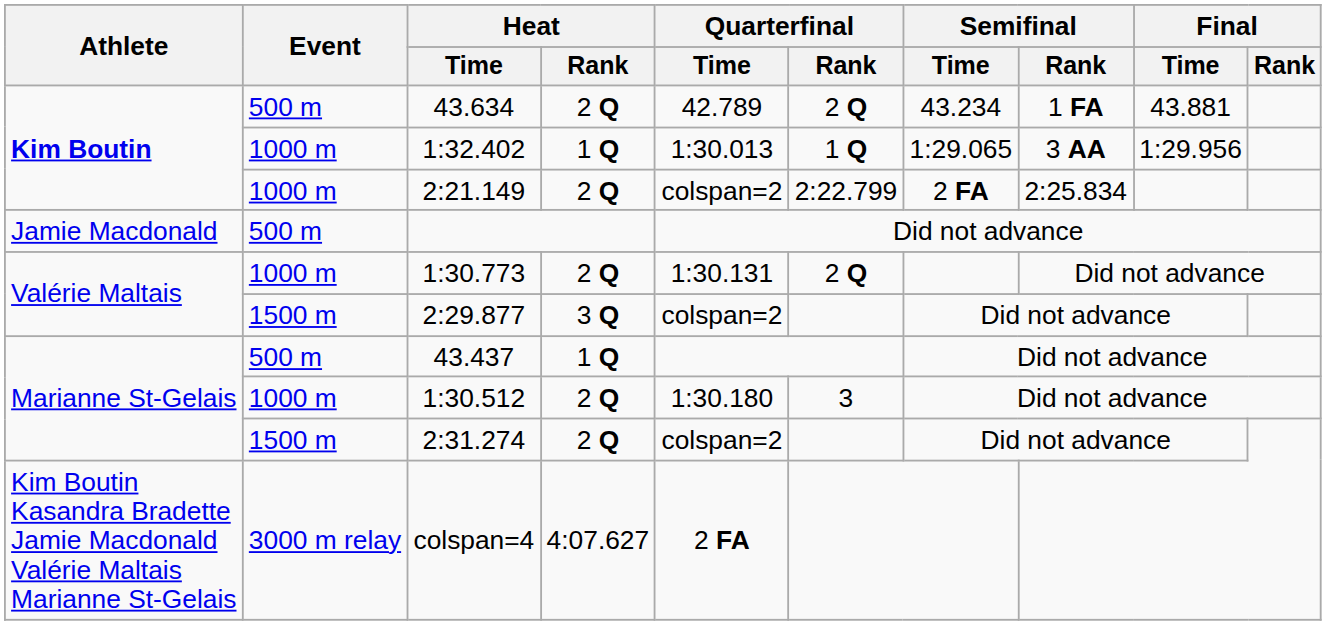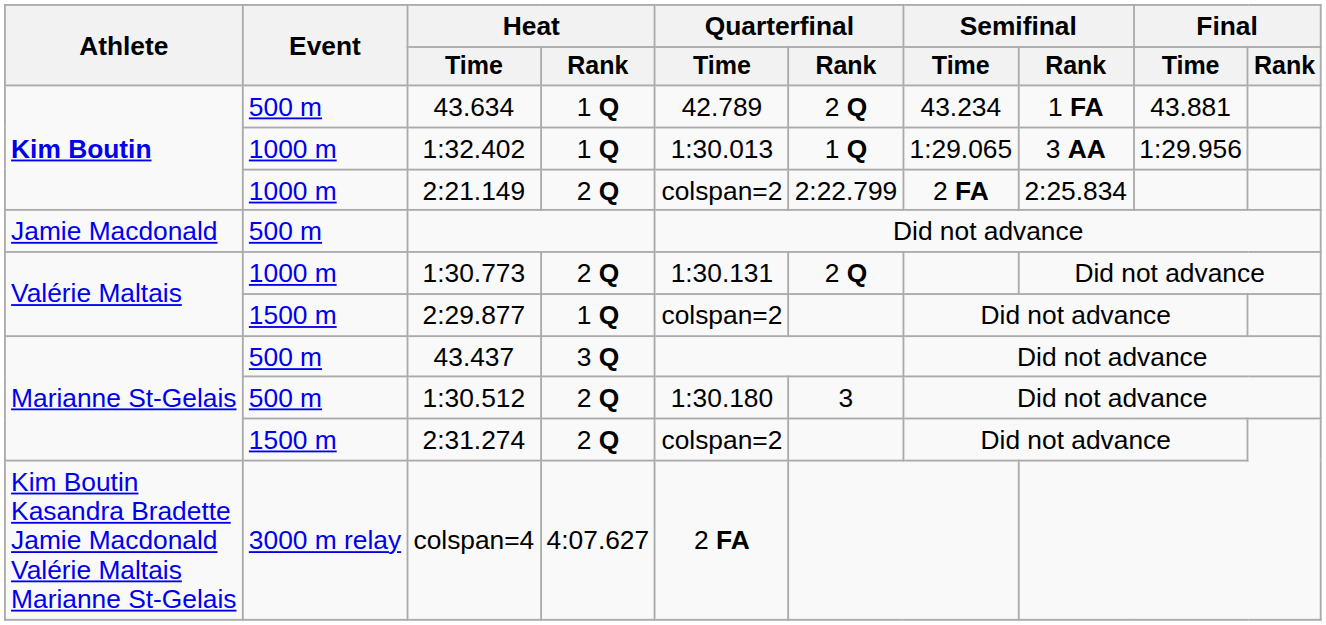 <table class="wikitable" style="font-size:90%">
 <tr>
 <th rowspan=2>Athlete</th>
 <th rowspan=2>Event</th>
 <th colspan=2>Heat</th>
 <th colspan=2>Quarterfinal</th>
 <th colspan=2>Semifinal</th>
 <th colspan=2>Final</th>
 </tr>
 <tr style="font-size:95%">
 <th>Time</th>
 <th>Rank</th>
 <th>Time</th>
 <th>Rank</th>
 <th>Time</th>
 <th>Rank</th>
 <th>Time</th>
 <th>Rank</th>
 </tr>
 <tr align=center>
 <td align=left rowspan=3><strong><a href='#'>Kim Boutin</a></strong></td>
 <td align=left><a href='#'>500 m</a></td>
 <td>43.634</td>
-<td>2 <strong>Q</strong></td>
+<td>1 <strong>Q</strong></td>
 <td>42.789</td>
 <td>2 <strong>Q</strong></td>
 <td>43.234</td>
 <td>1 <strong>FA</strong></td>
 <td>43.881</td>
 <td></td>
 </tr>
 <tr align=center>
 <td align=left><a href='#'>1000 m</a></td>
 <td>1:32.402</td>
 <td>1 <strong>Q</strong></td>
 <td>1:30.013</td>
 <td>1 <strong>Q</strong></td>
 <td>1:29.065</td>
 <td>3 <strong>AA</strong></td>
 <td>1:29.956</td>
 <td></td>
 </tr>
 <tr align=center>
 <td align=left><a href='#'>1000 m</a></td>
 <td>2:21.149</td>
 <td>2 <strong>Q</strong></td>
 <td>colspan=2 </td>
 <td>2:22.799</td>
 <td>2 <strong>FA</strong></td>
 <td>2:25.834</td>
 <td></td>
 </tr>
 <tr align=center>
 <td align=left><a href='#'>Jamie Macdonald</a></td>
 <td align=left><a href='#'>500 m</a></td>
 <td colspan=2></td>
 <td colspan=6>Did not advance</td>
 </tr>
 <tr align=center>
 <td align=left rowspan=2><a href='#'>Valérie Maltais</a></td>
 <td align=left><a href='#'>1000 m</a></td>
 <td>1:30.773</td>
 <td>2 <strong>Q</strong></td>
 <td>1:30.131</td>
 <td>2 <strong>Q</strong></td>
 <td></td>
 <td colspan=3>Did not advance</td>
 </tr>
 <tr align=center>
 <td align=left><a href='#'>1500 m</a></td>
 <td>2:29.877</td>
-<td>3 <strong>Q</strong></td>
+<td>1 <strong>Q</strong></td>
 <td>colspan=2 </td>
 <td></td>
 <td colspan=3>Did not advance</td>
 </tr>
 <tr align=center>
 <td align=left rowspan=3><a href='#'>Marianne St-Gelais</a></td>
 <td align=left><a href='#'>500 m</a></td>
 <td>43.437</td>
-<td>1 <strong>Q</strong></td>
+<td>3 <strong>Q</strong></td>
 <td colspan=2></td>
 <td colspan=4>Did not advance</td>
 </tr>
 <tr align=center>
-<td align=left><a href='#'>1000 m</a></td>
+<td align=left><a href='#'>500 m</a></td>
 <td>1:30.512</td>
 <td>2 <strong>Q</strong></td>
 <td>1:30.180</td>
 <td>3</td>
 <td colspan=4>Did not advance</td>
 </tr>
 <tr align=center>
 <td align=left><a href='#'>1500 m</a></td>
 <td>2:31.274</td>
 <td>2 <strong>Q</strong></td>
 <td>colspan=2 </td>
 <td></td>
 <td colspan=3>Did not advance</td>
 </tr>
 <tr align=center>
 <td align=left><a href='#'>Kim Boutin</a><br><a href='#'>Kasandra Bradette</a><br><a href='#'>Jamie Macdonald</a><br><a href='#'>Valérie Maltais</a><br><a href='#'>Marianne St-Gelais</a></td>
 <td align=left><a href='#'>3000 m relay</a></td>
 <td>colspan=4 </td>
 <td>4:07.627</td>
 <td>2 <strong>FA</strong></td>
 <td colspan=2></td>
 </tr>
 </table>
